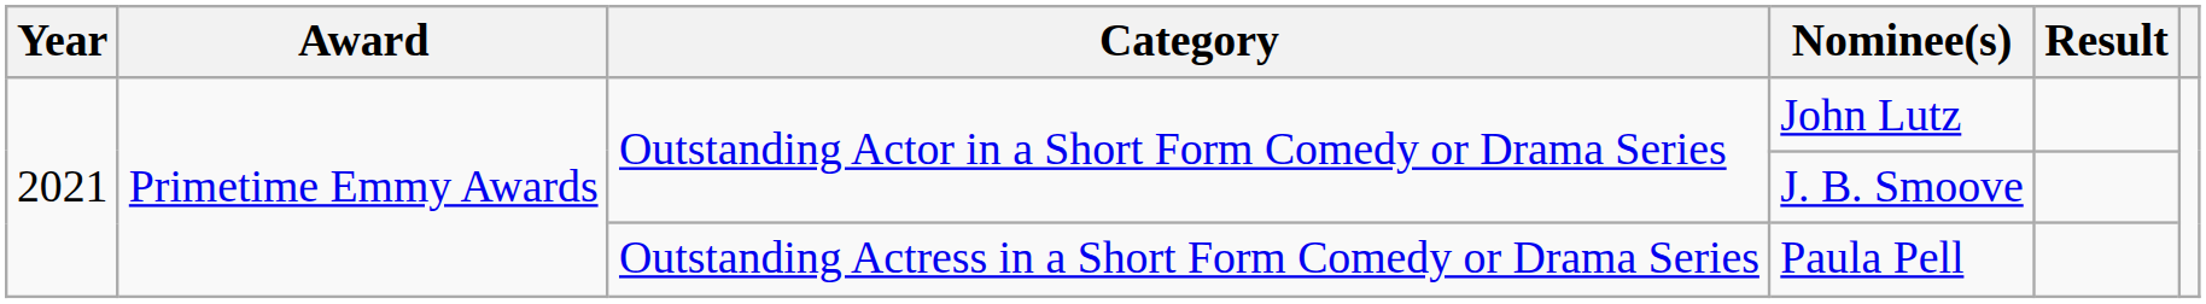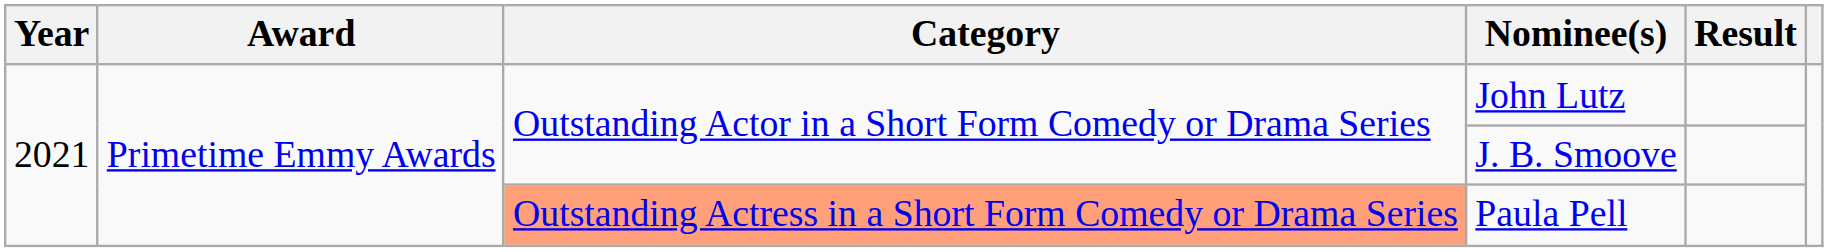 <table class="wikitable sortable">
 <tr>
 <th>Year</th>
 <th>Award</th>
 <th>Category</th>
 <th>Nominee(s)</th>
 <th>Result</th>
 <th></th>
 </tr>
 <tr>
 <td align="center" rowspan="3">2021</td>
 <td rowspan="3"><a href='#'>Primetime Emmy Awards</a></td>
 <td rowspan="2"><a href='#'>Outstanding Actor in a Short Form Comedy or Drama Series</a></td>
 <td><a href='#'>John Lutz</a></td>
 <td></td>
 <td align="center" rowspan="3"></td>
 </tr>
 <tr>
 <td><a href='#'>J. B. Smoove</a></td>
 <td></td>
 </tr>
 <tr>
-<td><a href='#'>Outstanding Actress in a Short Form Comedy or Drama Series</a></td>
+<td style="background: lightsalmon;"><a href='#'>Outstanding Actress in a Short Form Comedy or Drama Series</a></td>
 <td><a href='#'>Paula Pell</a></td>
 <td></td>
 </tr>
 </table>
